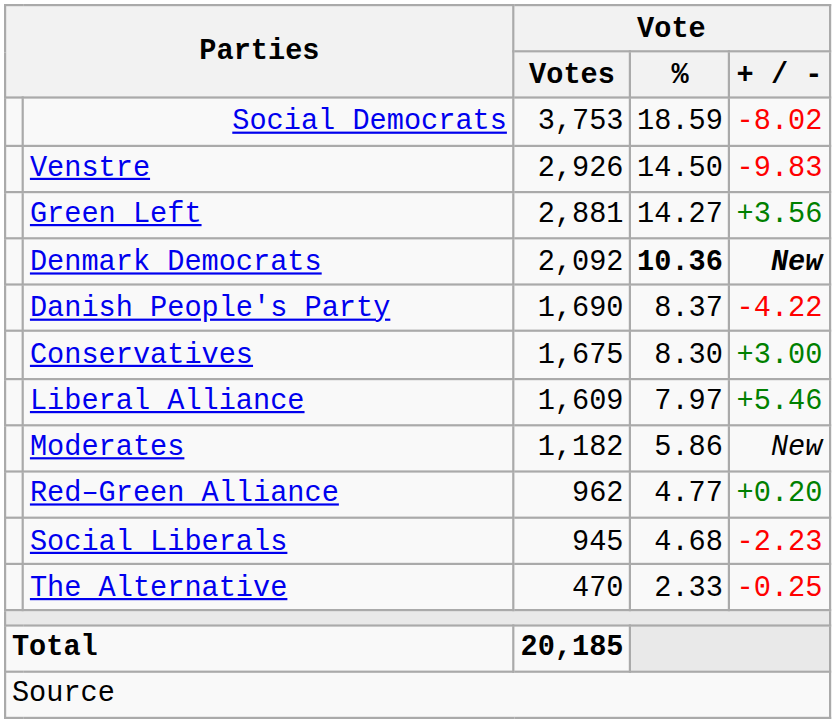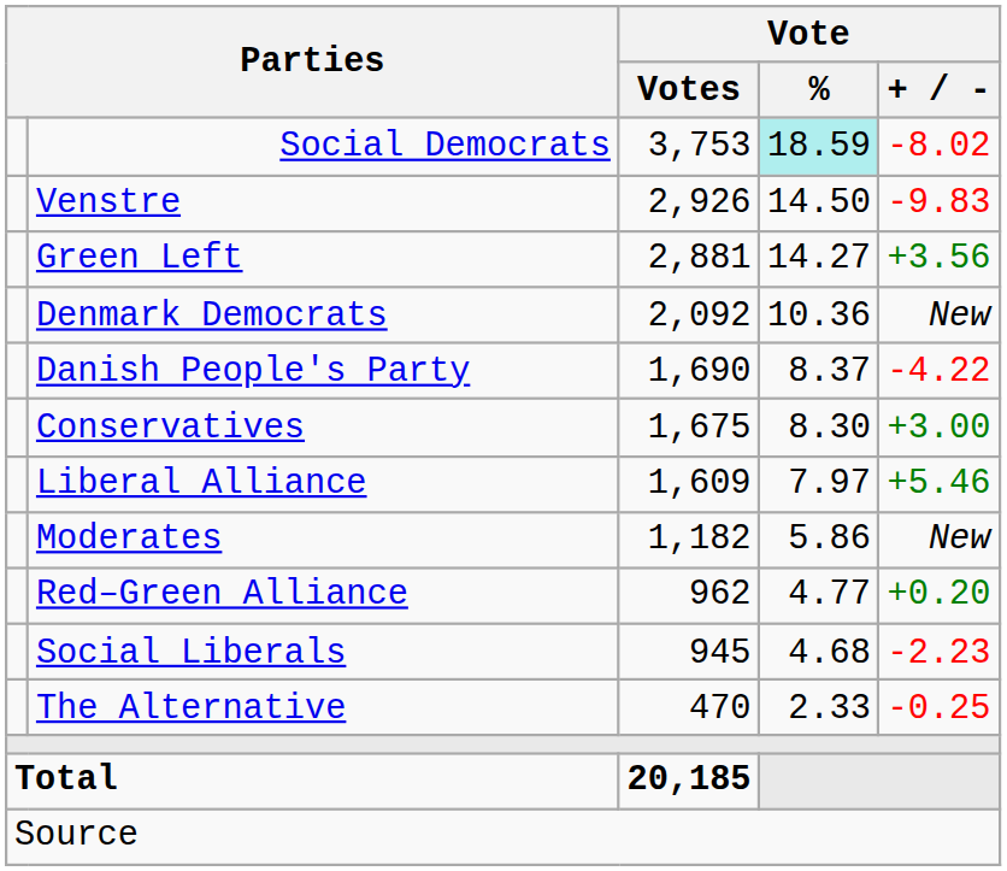 <table class="wikitable" style="text-align:right;">
 <tr>
 <th style="text-align:centre;" rowspan="2" colspan="2" width="225">Parties</th>
 <th colspan="3">Vote</th>
 </tr>
 <tr>
 <th width="15">Votes</th>
 <th width="15">%</th>
 <th width="15">+ / -</th>
 </tr>
 <tr>
 <td width=2 bgcolor=></td>
 <td><a href='#'>Social Democrats</a></td>
 <td>3,753</td>
-<td>18.59</td>
+<td style="background: paleturquoise;">18.59</td>
 <td style=color:red;>-8.02</td>
 </tr>
 <tr>
 <td width=2 bgcolor=></td>
 <td align=left><a href='#'>Venstre</a></td>
 <td>2,926</td>
 <td>14.50</td>
 <td style=color:red;>-9.83</td>
 </tr>
 <tr>
 <td width=2 bgcolor=></td>
 <td align=left><a href='#'>Green Left</a></td>
 <td>2,881</td>
 <td>14.27</td>
 <td style=color:green;>+3.56</td>
 </tr>
 <tr>
 <td width=2 bgcolor=></td>
 <td align=left><a href='#'>Denmark Democrats</a></td>
 <td>2,092</td>
-<td><strong>10.36</strong></td>
-<td><strong><em>New</em></strong></td>
+<td>10.36</td>
+<td><em>New</em></td>
 </tr>
 <tr>
 <td width=2 bgcolor=></td>
 <td align=left><a href='#'>Danish People's Party</a></td>
 <td>1,690</td>
 <td>8.37</td>
 <td style=color:red;>-4.22</td>
 </tr>
 <tr>
 <td width=2 bgcolor=></td>
 <td align=left><a href='#'>Conservatives</a></td>
 <td>1,675</td>
 <td>8.30</td>
 <td style=color:green;>+3.00</td>
 </tr>
 <tr>
 <td width=2 bgcolor=></td>
 <td align=left><a href='#'>Liberal Alliance</a></td>
 <td>1,609</td>
 <td>7.97</td>
 <td style=color:green;>+5.46</td>
 </tr>
 <tr>
 <td width=2 bgcolor=></td>
 <td align=left><a href='#'>Moderates</a></td>
 <td>1,182</td>
 <td>5.86</td>
 <td><em>New</em></td>
 </tr>
 <tr>
 <td width=2 bgcolor=></td>
 <td align=left><a href='#'>Red–Green Alliance</a></td>
 <td>962</td>
 <td>4.77</td>
 <td style=color:green;>+0.20</td>
 </tr>
 <tr>
 <td width=2 bgcolor=></td>
 <td align=left><a href='#'>Social Liberals</a></td>
 <td>945</td>
 <td>4.68</td>
 <td style=color:red;>-2.23</td>
 </tr>
 <tr>
 <td width=2 bgcolor=></td>
 <td align=left><a href='#'>The Alternative</a></td>
 <td>470</td>
 <td>2.33</td>
 <td style=color:red;>-0.25</td>
 </tr>
 <tr>
 <td colspan="7" bgcolor="#E9E9E9"></td>
 </tr>
 <tr>
 <td align="left" colspan="2"><strong>Total</strong></td>
 <td><strong>20,185</strong></td>
 <td bgcolor=#E9E9E9 colspan=2></td>
 </tr>
 <tr>
 <td align="left" colspan="6">Source</td>
 </tr>
 </table>
